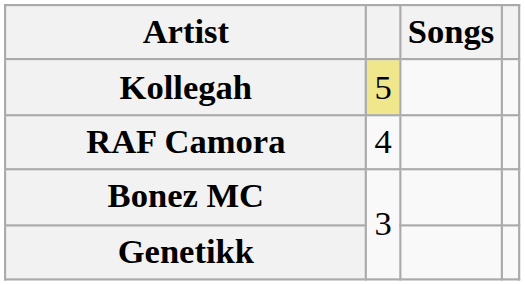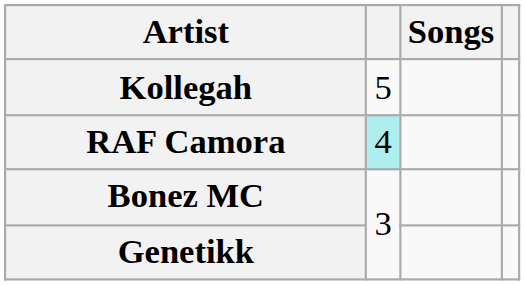 <table class="wikitable plainrowheaders">
 <tr>
 <th style="width:10em;">Artist</th>
 <th></th>
 <th>Songs</th>
 <th></th>
 </tr>
 <tr>
 <th scope="row">Kollegah</th>
-<td style="background: khaki; text-align:center;">5</td>
+<td style="text-align:center;">5</td>
 <td></td>
 <td style="text-align:center;"></td>
 </tr>
 <tr>
 <th scope="row">RAF Camora</th>
-<td style="text-align:center;">4</td>
+<td style="background: paleturquoise; text-align:center;">4</td>
 <td></td>
 <td style="text-align:center;"></td>
 </tr>
 <tr>
 <th scope="row">Bonez MC</th>
 <td style="text-align:center;" rowspan="2">3</td>
 <td></td>
 <td style="text-align:center;"></td>
 </tr>
 <tr>
 <th scope="row">Genetikk</th>
 <td></td>
 <td style="text-align:center;"></td>
 </tr>
 </table>
